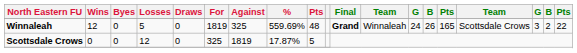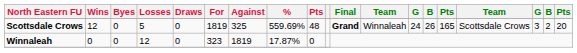 <table style="font-size: 85%; text-align: left;" class="wikitable">
 <tr>
 <th style="color:crimson">North Eastern FU</th>
 <th style="color:crimson">Wins</th>
 <th style="color:crimson">Byes</th>
 <th style="color:crimson">Losses</th>
 <th style="color:crimson">Draws</th>
 <th style="color:crimson">For</th>
 <th style="color:crimson">Against</th>
 <th style="color:crimson">%</th>
 <th style="color:crimson">Pts</th>
 <th></th>
 <th style="color:green">Final</th>
 <th style="color:green">Team</th>
 <th style="color:green">G</th>
 <th style="color:green">B</th>
 <th style="color:green">Pts</th>
 <th style="color:green">Team</th>
 <th style="color:green">G</th>
 <th style="color:green">B</th>
 <th style="color:green">Pts</th>
 </tr>
 <tr>
 </tr>
 <tr>
 </tr>
 <tr>
-<td><strong>	Winnaleah	</strong></td>
+<td><strong>	Scottsdale Crows	</strong></td>
 <td>12</td>
 <td>0</td>
 <td>5</td>
 <td>0</td>
 <td>1819</td>
 <td>325</td>
 <td>559.69%</td>
 <td>48</td>
 <td></td>
 <td><strong>Grand</strong></td>
 <td>Winnaleah</td>
 <td>24</td>
 <td>26</td>
 <td>165</td>
 <td>Scottsdale Crows</td>
 <td>3</td>
 <td>2</td>
-<td>22</td>
+<td>20</td>
 </tr>
 <tr>
-<td><strong>	Scottsdale Crows	</strong></td>
+<td><strong>	Winnaleah	</strong></td>
 <td>0</td>
 <td>0</td>
 <td>12</td>
 <td>0</td>
-<td>325</td>
+<td>323</td>
 <td>1819</td>
 <td>17.87%</td>
-<td>5</td>
+<td>0</td>
 <td></td>
 </tr>
 <tr>
 </tr>
 </table>
